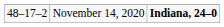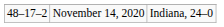 <table class="wikitable">
 <tr align="center">
 </tr>
 <tr align="center">
 <td>48–17–2</td>
 <td>November 14, 2020</td>
-<td><strong>Indiana, 24–0</strong></td>
+<td>Indiana, 24–0</td>
 </tr>
 </table>
